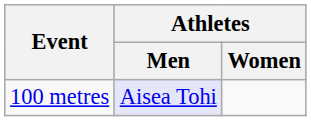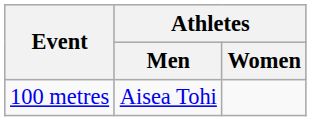 <table class=wikitable style="font-size:90%">
 <tr>
 <th rowspan=2>Event</th>
 <th colspan=2>Athletes</th>
 </tr>
 <tr>
 <th>Men</th>
 <th>Women</th>
 </tr>
 <tr>
 <td><a href='#'>100 metres</a></td>
-<td style="background: lavender;"><a href='#'>Aisea Tohi</a></td>
+<td><a href='#'>Aisea Tohi</a></td>
 <td></td>
 </tr>
 </table>
